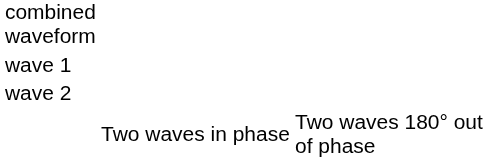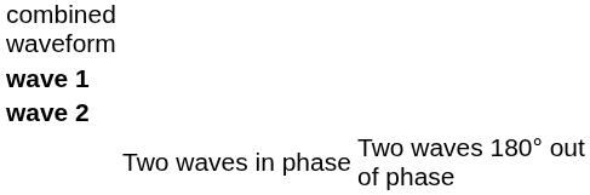 <table>
 <tr style="border-bottom: solid thin black">
 <td>combined<br> waveform</td>
 <td colspan="2" rowspan="3"></td>
 </tr>
 <tr style="border-bottom: solid thin black">
-<td>wave 1</td>
+<td><strong>wave 1</strong></td>
 </tr>
 <tr>
-<td>wave 2</td>
+<td><strong>wave 2</strong></td>
 </tr>
 <tr>
 <td></td>
 <td>Two waves in phase</td>
 <td>Two waves 180° out <br>of phase</td>
 </tr>
 </table>
